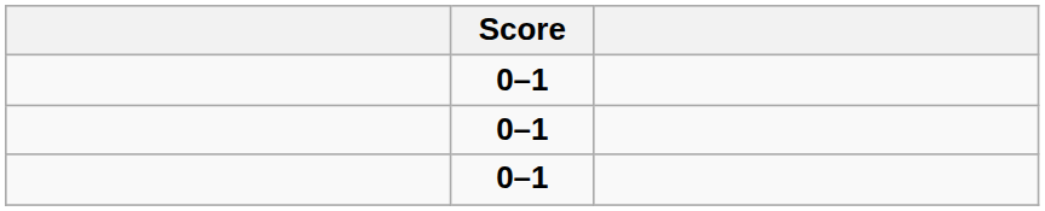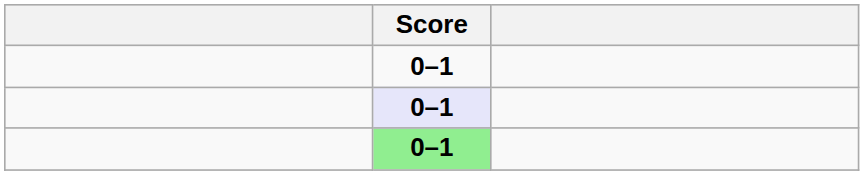 <table class="wikitable" style="text-align: center;">
 <tr>
 <th align="right" width="220"></th>
 <th width="65">Score</th>
 <th align="left" width="220"></th>
 </tr>
 <tr>
 <td align=right></td>
 <td align=center><strong>0–1</strong></td>
 <td align=left><strong></strong></td>
 </tr>
 <tr>
 <td align=right></td>
-<td align=center><strong>0–1</strong></td>
+<td align=center style="background: lavender;"><strong>0–1</strong></td>
 <td align=left><strong></strong></td>
 </tr>
 <tr>
 <td align=right></td>
-<td align=center><strong>0–1</strong></td>
+<td align=center style="background: lightgreen;"><strong>0–1</strong></td>
 <td align=left><strong></strong></td>
 </tr>
 </table>
